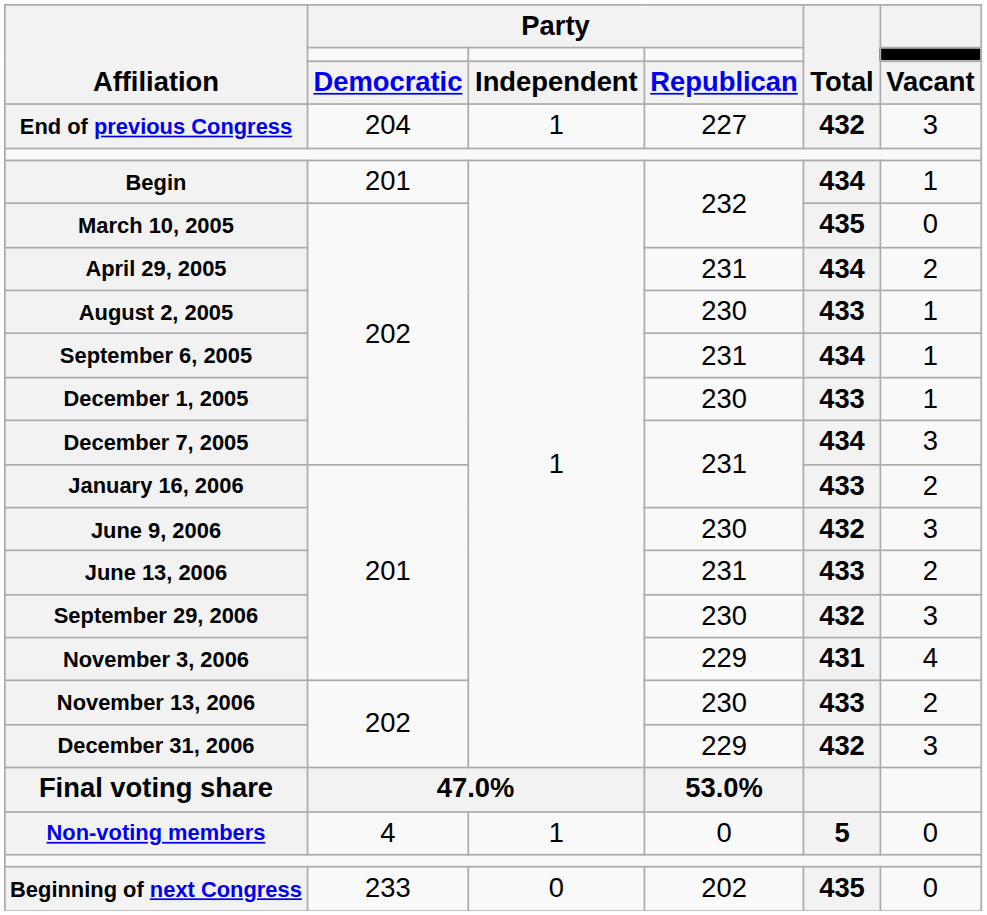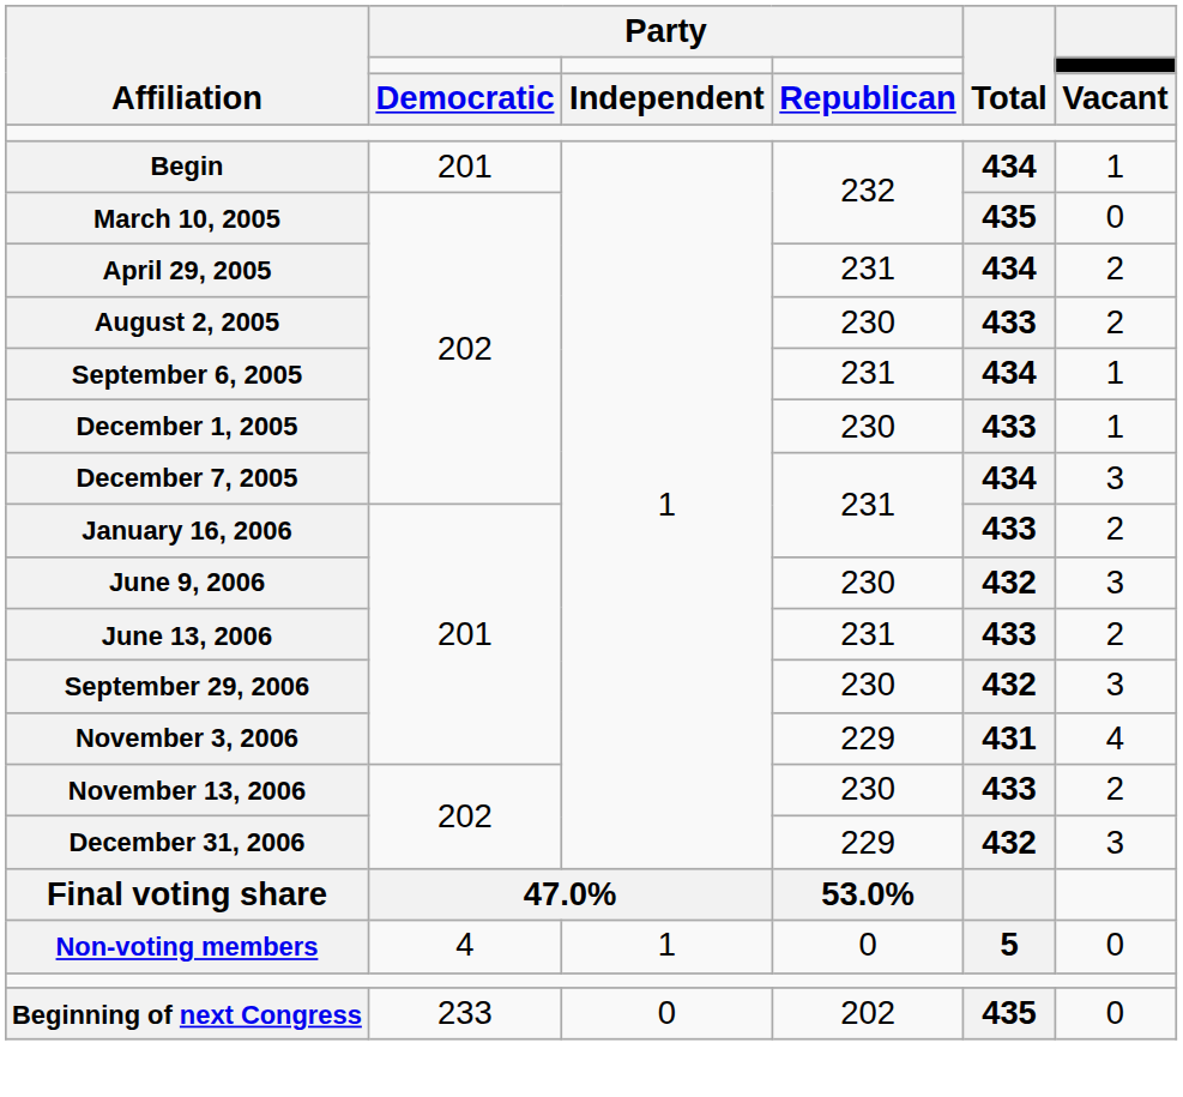 <table class=wikitable style="text-align:center">
 <tr style="vertical-align:bottom">
 <th rowspan=3>Affiliation</th>
 <th colspan=3>Party<br></th>
 <th rowspan=3>Total</th>
 <th></th>
 </tr>
 <tr style="height:5px">
 <td style="background-color:"></td>
 <td style="background-color:"></td>
 <td style="background-color:"></td>
 <td style="background:black"></td>
 </tr>
 <tr>
 <th><a href='#'>Democratic</a></th>
 <th>Independent</th>
 <th><a href='#'>Republican</a></th>
 <th>Vacant</th>
-</tr>
-<tr>
-<th style="white-space:nowrap; font-size:80%">End of <a href='#'>previous Congress</a></th>
-<td>204</td>
-<td>1</td>
-<td>227</td>
-<th>432</th>
-<td>3</td>
 </tr>
 <tr>
 <td colspan=6></td>
 </tr>
 <tr>
 <th style="white-space:nowrap; font-size:80%">Begin</th>
 <td style="text-align:center">201</td>
 <td rowspan= 14>1</td>
 <td rowspan=2 >232</td>
 <th>434</th>
 <td>1</td>
 </tr>
 <tr>
 <th style="white-space:nowrap; font-size:80%">March 10, 2005</th>
 <td rowspan=6>202</td>
 <th>435</th>
 <td>0</td>
 </tr>
 <tr>
 <th style="white-space:nowrap; font-size:80%">April 29, 2005</th>
 <td>231</td>
 <th>434</th>
 <td>2</td>
 </tr>
 <tr>
 <th style="white-space:nowrap; font-size:80%">August 2, 2005</th>
 <td>230</td>
 <th>433</th>
-<td>1</td>
+<td>2</td>
 </tr>
 <tr>
 <th style="white-space:nowrap; font-size:80%">September 6, 2005</th>
 <td>231</td>
 <th>434</th>
 <td>1</td>
 </tr>
 <tr>
 <th style="white-space:nowrap; font-size:80%">December 1, 2005</th>
 <td>230</td>
 <th>433</th>
 <td>1</td>
 </tr>
 <tr>
 <th style="white-space:nowrap; font-size:80%">December 7, 2005</th>
 <td rowspan=2 >231</td>
 <th>434</th>
 <td>3</td>
 </tr>
 <tr>
 <th style="white-space:nowrap; font-size:80%">January 16, 2006</th>
 <td rowspan=5>201</td>
 <th>433</th>
 <td>2</td>
 </tr>
 <tr>
 <th style="white-space:nowrap; font-size:80%">June 9, 2006</th>
 <td>230</td>
 <th>432</th>
 <td>3</td>
 </tr>
 <tr>
 <th style="white-space:nowrap; font-size:80%">June 13, 2006</th>
 <td>231</td>
 <th>433</th>
 <td>2</td>
 </tr>
 <tr>
 <th style="white-space:nowrap; font-size:80%">September 29, 2006</th>
 <td>230</td>
 <th>432</th>
 <td>3</td>
 </tr>
 <tr>
 <th style="white-space:nowrap; font-size:80%">November 3, 2006</th>
 <td>229</td>
 <th>431</th>
 <td>4</td>
 </tr>
 <tr>
 <th style="white-space:nowrap; font-size:80%">November 13, 2006</th>
 <td rowspan=2>202</td>
 <td>230</td>
 <th>433</th>
 <td>2</td>
 </tr>
 <tr>
 <th style="white-space:nowrap; font-size:80%">December 31, 2006</th>
 <td>229</td>
 <th>432</th>
 <td>3</td>
 </tr>
 <tr>
 <th>Final voting share</th>
 <th colspan=2>47.0%</th>
 <th>53.0% </th>
 <th></th>
 <td></td>
 </tr>
 <tr>
 <th style=font-size:80%><a href='#'>Non-voting members</a></th>
 <td>4</td>
 <td>1</td>
 <td>0</td>
 <th>5</th>
 <td>0</td>
 </tr>
 <tr>
 <td colspan=6></td>
 </tr>
 <tr>
 <th style="white-space:nowrap; font-size:80%">Beginning of <a href='#'>next Congress</a></th>
 <td>233</td>
 <td>0</td>
 <td>202</td>
 <th>435</th>
 <td>0</td>
 </tr>
 </table>
